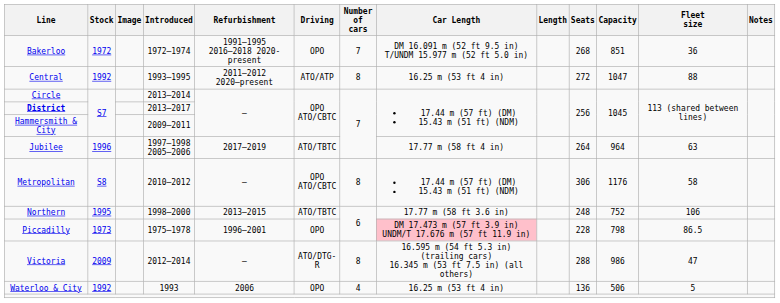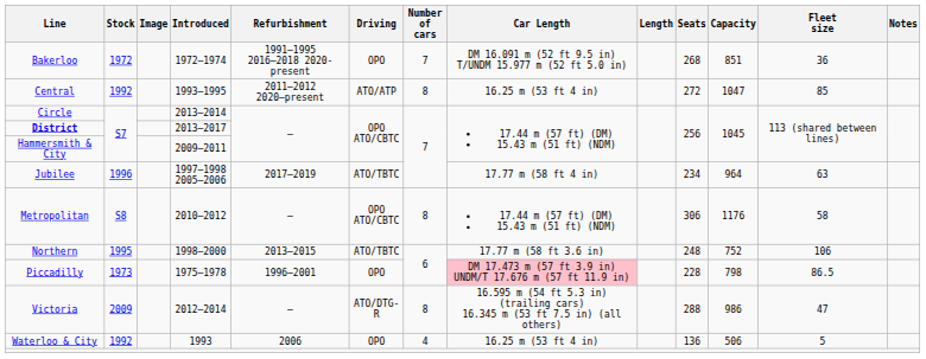 <table class="wikitable sortable" style="margin: 0 auto; text-align:center;">
 <tr>
 <th>Line</th>
 <th>Stock</th>
 <th>Image</th>
 <th>Introduced</th>
 <th>Refurbishment</th>
 <th>Driving</th>
 <th>Number<br>of cars</th>
 <th>Car Length</th>
 <th>Length</th>
 <th>Seats</th>
 <th>Capacity</th>
 <th>Fleet<br>size</th>
 <th class="unsortable">Notes</th>
 </tr>
 <tr>
 <td style="background:#"><a href='#'><span>Bakerloo</span></a></td>
 <td><a href='#'>1972</a></td>
 <td></td>
 <td>1972–1974</td>
 <td>1991–1995<br>2016–2018 2020-present</td>
 <td>OPO</td>
 <td>7</td>
 <td>DM 16.091 m (52 ft 9.5 in)<br>T/UNDM 15.977 m (52 ft 5.0 in)</td>
 <td></td>
 <td>268</td>
 <td>851</td>
 <td>36</td>
 <td></td>
 </tr>
 <tr>
 <td style="background:#"><a href='#'><span>Central</span></a></td>
 <td><a href='#'>1992</a></td>
 <td></td>
 <td>1993–1995</td>
 <td>2011–2012<br>2020–present</td>
 <td>ATO/ATP</td>
 <td>8</td>
 <td>16.25 m (53 ft 4 in)</td>
 <td></td>
 <td>272</td>
 <td>1047</td>
-<td>88</td>
+<td>85</td>
 <td></td>
 </tr>
 <tr>
 <td rowspan=1 style="background:#"><a href='#'><span>Circle</span></a></td>
 <td rowspan=3><a href='#'>S7</a></td>
 <td></td>
 <td>2013–2014</td>
 <td rowspan="3">—</td>
 <td rowspan=3>OPO<br>ATO/CBTC </td>
 <td rowspan="4">7</td>
 <td rowspan="3"><br><ul><li>17.44 m (57 ft) (DM)</li><li>15.43 m (51 ft) (NDM)</li></ul></td>
 <td rowspan=3></td>
 <td rowspan=3>256</td>
 <td rowspan=3>1045</td>
 <td rowspan="3">113 (shared between lines)</td>
 <td rowspan="3"></td>
 </tr>
 <tr>
 <td style="background:#"><a href='#'><span><strong>District</strong></span></a></td>
 <td></td>
 <td>2013–2017</td>
 </tr>
 <tr>
 <td style="background:#"><a href='#'><span>Hammersmith & City</span></a></td>
 <td></td>
 <td>2009–2011</td>
 </tr>
 <tr>
 <td style="background:#"><a href='#'><span>Jubilee</span></a></td>
 <td><a href='#'>1996</a></td>
 <td></td>
 <td>1997–1998<br>2005–2006</td>
 <td>2017–2019</td>
 <td>ATO/TBTC</td>
 <td>17.77 m (58 ft 4 in)</td>
 <td></td>
-<td>264</td>
+<td>234</td>
 <td>964</td>
 <td>63</td>
 <td></td>
 </tr>
 <tr>
 <td style="background:#"><a href='#'><span>Metropolitan</span></a></td>
 <td><a href='#'>S8</a></td>
 <td></td>
 <td>2010–2012</td>
 <td>—</td>
 <td>OPO<br>ATO/CBTC </td>
 <td>8</td>
 <td><br><ul><li>17.44 m (57 ft) (DM)</li><li>15.43 m (51 ft) (NDM)</li></ul></td>
 <td></td>
 <td>306</td>
 <td>1176</td>
 <td>58</td>
 <td></td>
 </tr>
 <tr>
 <td style="background:#"><a href='#'><span>Northern</span></a></td>
 <td><a href='#'>1995</a></td>
 <td></td>
 <td>1998–2000</td>
 <td>2013–2015</td>
 <td>ATO/TBTC</td>
 <td rowspan="2">6</td>
 <td>17.77 m (58 ft 3.6 in)</td>
 <td></td>
 <td>248</td>
 <td>752</td>
 <td>106</td>
 <td></td>
 </tr>
 <tr>
 <td style="background:#"><a href='#'><span>Piccadilly</span></a></td>
 <td><a href='#'>1973</a></td>
 <td></td>
 <td>1975–1978</td>
 <td>1996–2001</td>
 <td>OPO</td>
 <td style="background: pink;">DM 17.473 m (57 ft 3.9 in)<br>UNDM/T 17.676 m (57 ft 11.9 in)</td>
 <td></td>
 <td>228</td>
 <td>798</td>
 <td>86.5</td>
 <td></td>
 </tr>
 <tr>
 <td style="background:#"><a href='#'><span>Victoria</span></a></td>
 <td><a href='#'>2009</a></td>
 <td></td>
 <td>2012–2014</td>
 <td>—</td>
 <td>ATO/DTG-R</td>
 <td>8</td>
 <td>16.595 m (54 ft 5.3 in) (trailing cars)<br>16.345 m (53 ft 7.5 in) (all others)</td>
 <td></td>
 <td>288</td>
 <td>986</td>
 <td>47</td>
 <td></td>
 </tr>
 <tr>
 <td style="background:#"><a href='#'><span>Waterloo & City</span></a></td>
 <td><a href='#'>1992</a></td>
 <td></td>
 <td>1993</td>
 <td>2006</td>
 <td>OPO</td>
 <td>4</td>
 <td>16.25 m (53 ft 4 in)</td>
 <td></td>
 <td>136</td>
 <td>506</td>
 <td>5</td>
 <td></td>
 </tr>
 <tr class="sortbottom">
 <td colspan="13"></td>
 </tr>
 </table>
